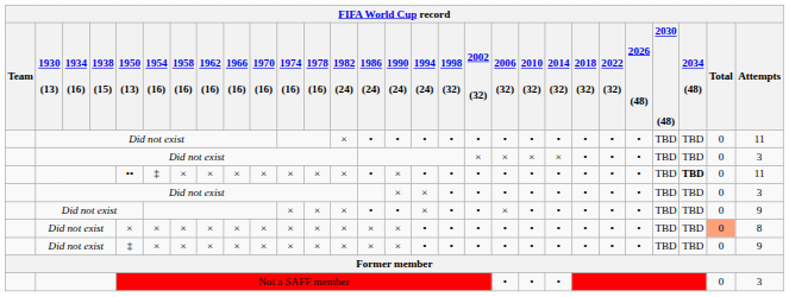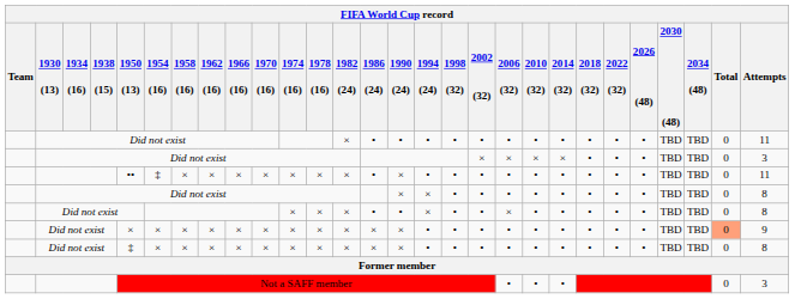 <table class="wikitable" style="text-align:center; font-size:85%;">
 <tr>
 <th colspan=28><a href='#'>FIFA World Cup</a> record</th>
 </tr>
 <tr>
 <th>Team</th>
 <th><a href='#'>1930</a><br><br>(13)</th>
 <th><a href='#'>1934</a><br><br>(16)</th>
 <th><a href='#'>1938</a><br><br>(15)</th>
 <th><a href='#'>1950</a><br><br>(13)</th>
 <th><a href='#'>1954</a><br><br>(16)</th>
 <th><a href='#'>1958</a><br><br>(16)</th>
 <th><a href='#'>1962</a><br><br>(16)</th>
 <th><a href='#'>1966</a><br><br>(16)</th>
 <th><a href='#'>1970</a><br><br>(16)</th>
 <th><a href='#'>1974</a><br><br>(16)</th>
 <th><a href='#'>1978</a><br><br>(16)</th>
 <th><a href='#'>1982</a><br><br>(24)</th>
 <th><a href='#'>1986</a><br><br>(24)</th>
 <th><a href='#'>1990</a><br><br>(24)</th>
 <th><a href='#'>1994</a><br><br>(24)</th>
 <th><a href='#'>1998</a><br><br>(32)</th>
 <th><a href='#'>2002</a><br><br><br>(32)</th>
 <th><a href='#'>2006</a><br><br>(32)</th>
 <th><a href='#'>2010</a><br><br>(32)</th>
 <th><a href='#'>2014</a><br><br>(32)</th>
 <th><a href='#'>2018</a><br><br>(32)</th>
 <th><a href='#'>2022</a><br><br>(32)</th>
 <th><a href='#'>2026</a><br><br><br><br>(48)</th>
 <th><a href='#'>2030</a><br><br><br><br><br><br><br>(48)</th>
 <th><a href='#'>2034</a><br><br>(48)</th>
 <th>Total</th>
 <th>Attempts</th>
 </tr>
 <tr>
 <td align=left></td>
 <td colspan=9><em>Did not exist</em></td>
 <td colspan="2"></td>
 <td>×</td>
 <td>•</td>
 <td>•</td>
 <td>•</td>
 <td>•</td>
 <td>•</td>
 <td>•</td>
 <td>•</td>
 <td>•</td>
 <td>•</td>
 <td>•</td>
 <td>•</td>
 <td>TBD</td>
 <td>TBD</td>
 <td>0</td>
 <td>11</td>
 </tr>
 <tr>
 <td align=left></td>
 <td colspan="12"><em>Did not exist</em></td>
 <td colspan="4"></td>
 <td>×</td>
 <td>×</td>
 <td>×</td>
 <td>×</td>
 <td>•</td>
 <td>•</td>
 <td>•</td>
 <td>TBD</td>
 <td>TBD</td>
 <td>0</td>
 <td>3</td>
 </tr>
 <tr>
 <td align=left></td>
 <td colspan="3"></td>
 <td>••</td>
 <td>‡</td>
 <td>×</td>
 <td>×</td>
 <td>×</td>
 <td>×</td>
 <td>×</td>
 <td>×</td>
 <td>×</td>
 <td>•</td>
 <td>×</td>
 <td>•</td>
 <td>•</td>
 <td>•</td>
 <td>•</td>
 <td>•</td>
 <td>•</td>
 <td>•</td>
 <td>•</td>
 <td>•</td>
 <td>TBD</td>
-<td><strong>TBD</strong></td>
+<td>TBD</td>
 <td>0</td>
 <td>11</td>
 </tr>
 <tr>
 <td align=left></td>
 <td colspan="12"><em>Did not exist</em></td>
 <td></td>
 <td>×</td>
 <td>×</td>
 <td>•</td>
 <td>•</td>
 <td>•</td>
 <td>•</td>
 <td>•</td>
 <td>•</td>
 <td>•</td>
 <td>•</td>
 <td>TBD</td>
 <td>TBD</td>
 <td>0</td>
-<td>3</td>
+<td>8</td>
 </tr>
 <tr>
 <td align=left></td>
 <td colspan="4"><em>Did not exist</em></td>
 <td colspan="5"></td>
 <td>×</td>
 <td>×</td>
 <td>×</td>
 <td>•</td>
 <td>•</td>
 <td>×</td>
 <td>•</td>
 <td>•</td>
 <td>×</td>
 <td>•</td>
 <td>•</td>
 <td>•</td>
 <td>•</td>
 <td>•</td>
 <td>TBD</td>
 <td>TBD</td>
 <td>0</td>
-<td>9</td>
+<td>8</td>
 </tr>
 <tr>
 <td align=left></td>
 <td colspan=3><em>Did not exist</em></td>
 <td>×</td>
 <td>×</td>
 <td>×</td>
 <td>×</td>
 <td>×</td>
 <td>×</td>
 <td>×</td>
 <td>×</td>
 <td>×</td>
 <td>×</td>
 <td>×</td>
 <td>•</td>
 <td>•</td>
 <td>•</td>
 <td>•</td>
 <td>•</td>
 <td>•</td>
 <td>•</td>
 <td>•</td>
 <td>•</td>
 <td>TBD</td>
 <td>TBD</td>
 <td style="background: lightsalmon;">0</td>
-<td>8</td>
+<td>9</td>
 </tr>
 <tr>
 <td align=left></td>
 <td colspan="3"><em>Did not exist</em></td>
 <td>‡</td>
 <td>×</td>
 <td>×</td>
 <td>×</td>
 <td>×</td>
 <td>×</td>
 <td>×</td>
 <td>×</td>
 <td>×</td>
 <td>×</td>
 <td>×</td>
 <td>•</td>
 <td>•</td>
 <td>•</td>
 <td>•</td>
 <td>•</td>
 <td>•</td>
 <td>•</td>
 <td>•</td>
 <td>•</td>
 <td>TBD</td>
 <td>TBD</td>
 <td>0</td>
-<td>9</td>
+<td>8</td>
 </tr>
 <tr>
 <th colspan="28">Former member</th>
 </tr>
 <tr>
 <td align=left></td>
 <td colspan="3"></td>
 <td colspan=14 bgcolor=red>Not a SAFF member</td>
 <td>•</td>
 <td>•</td>
 <td>•</td>
 <td colspan="5" bgcolor="red"></td>
 <td>0</td>
 <td>3</td>
 </tr>
 </table>
